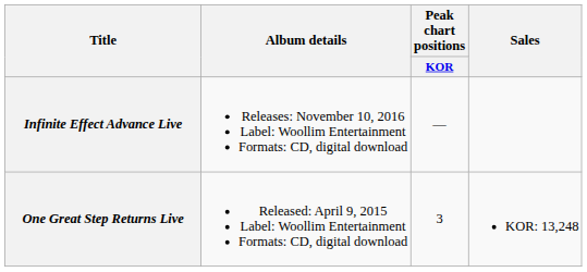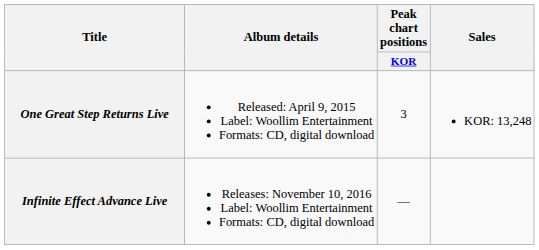 <table class="wikitable plainrowheaders" style="text-align:center;">
 <tr>
 <th scope="col" rowspan="2" style="width:14em;">Title</th>
 <th scope="col" rowspan="2">Album details</th>
 <th scope="col" colspan="1">Peak chart <br>positions</th>
 <th scope="col" rowspan="2">Sales</th>
 </tr>
 <tr>
 <th scope="col" style="width:3em;font-size:90%;"><a href='#'>KOR</a><br></th>
 </tr>
 <tr>
+<th scope="row"><em>One Great Step Returns Live</em></th>
+<td><br><ul><li>Released: April 9, 2015</li><li>Label: Woollim Entertainment</li><li>Formats: CD, digital download</li></ul></td>
+<td>3</td>
+<td><br><ul><li>KOR: 13,248</li></ul></td>
+</tr>
+<tr>
 <th scope="row"><em>Infinite Effect Advance Live</em></th>
 <td><br><ul><li>Releases: November 10, 2016</li><li>Label: Woollim Entertainment</li><li>Formats: CD, digital download</li></ul></td>
 <td>—</td>
 <td></td>
 </tr>
-<tr>
-<th scope="row"><em>One Great Step Returns Live</em></th>
-<td><br><ul><li>Released: April 9, 2015</li><li>Label: Woollim Entertainment</li><li>Formats: CD, digital download</li></ul></td>
-<td>3</td>
-<td><br><ul><li>KOR: 13,248</li></ul></td>
-</tr>
 </table>
